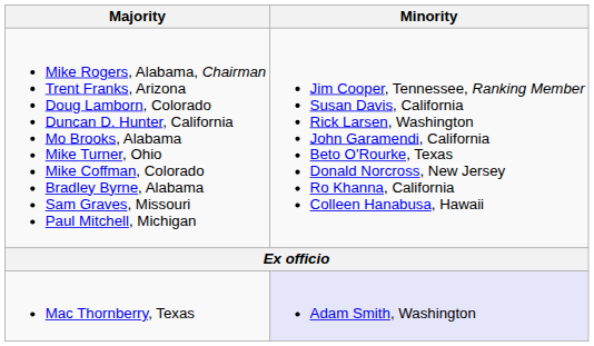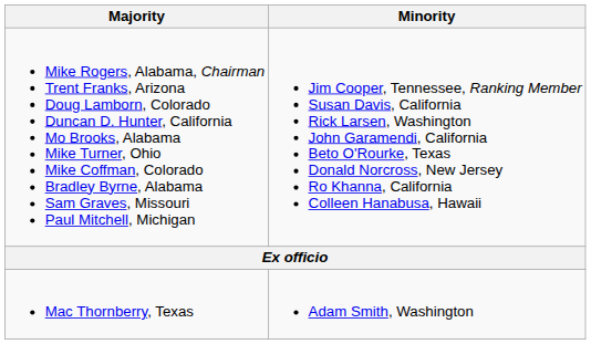 <table class=wikitable>
 <tr>
 <th>Majority</th>
 <th>Minority</th>
 </tr>
 <tr>
 <td><br><ul><li><a href='#'>Mike Rogers</a>, Alabama, <em>Chairman</em></li><li><a href='#'>Trent Franks</a>, Arizona</li><li><a href='#'>Doug Lamborn</a>, Colorado</li><li><a href='#'>Duncan D. Hunter</a>, California</li><li><a href='#'>Mo Brooks</a>, Alabama</li><li><a href='#'>Mike Turner</a>, Ohio</li><li><a href='#'>Mike Coffman</a>, Colorado</li><li><a href='#'>Bradley Byrne</a>, Alabama</li><li><a href='#'>Sam Graves</a>, Missouri</li><li><a href='#'>Paul Mitchell</a>, Michigan</li></ul></td>
 <td><br><ul><li><a href='#'>Jim Cooper</a>, Tennessee, <em>Ranking Member</em></li><li><a href='#'>Susan Davis</a>, California</li><li><a href='#'>Rick Larsen</a>, Washington</li><li><a href='#'>John Garamendi</a>, California</li><li><a href='#'>Beto O'Rourke</a>, Texas</li><li><a href='#'>Donald Norcross</a>, New Jersey</li><li><a href='#'>Ro Khanna</a>, California</li><li><a href='#'>Colleen Hanabusa</a>, Hawaii</li></ul></td>
 </tr>
 <tr>
 <th colspan=2><em>Ex officio</em></th>
 </tr>
 <tr>
 <td><br><ul><li><a href='#'>Mac Thornberry</a>, Texas</li></ul></td>
-<td style="background: lavender;"><br><ul><li><a href='#'>Adam Smith</a>, Washington</li></ul></td>
+<td><br><ul><li><a href='#'>Adam Smith</a>, Washington</li></ul></td>
 </tr>
 </table>
